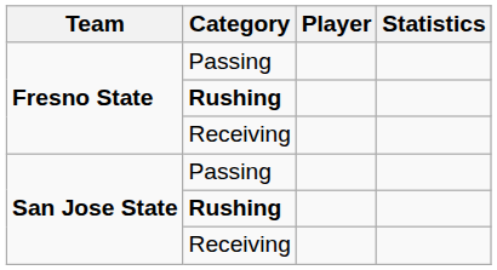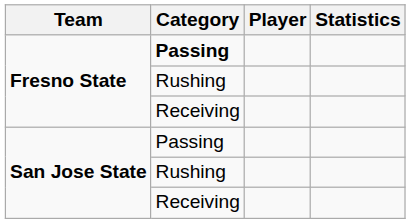 <table class="wikitable" style="float: right;">
 <tr>
 <th>Team</th>
 <th>Category</th>
 <th>Player</th>
 <th>Statistics</th>
 </tr>
 <tr>
 <td rowspan=3><strong>Fresno State</strong></td>
-<td>Passing</td>
+<td><strong>Passing</strong></td>
 <td></td>
 <td></td>
 </tr>
 <tr>
-<td><strong>Rushing</strong></td>
+<td>Rushing</td>
 <td></td>
 <td></td>
 </tr>
 <tr>
 <td>Receiving</td>
 <td></td>
 <td></td>
 </tr>
 <tr>
 <td rowspan=3><strong>San Jose State</strong></td>
 <td>Passing</td>
 <td></td>
 <td></td>
 </tr>
 <tr>
-<td><strong>Rushing</strong></td>
+<td>Rushing</td>
 <td></td>
 <td></td>
 </tr>
 <tr>
 <td>Receiving</td>
 <td></td>
 <td></td>
 </tr>
 </table>
